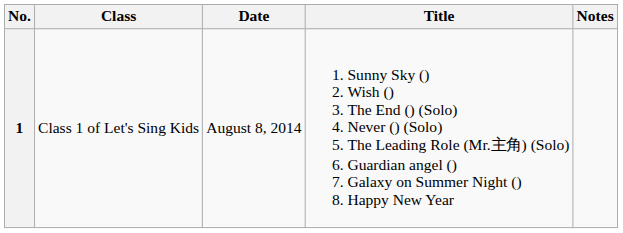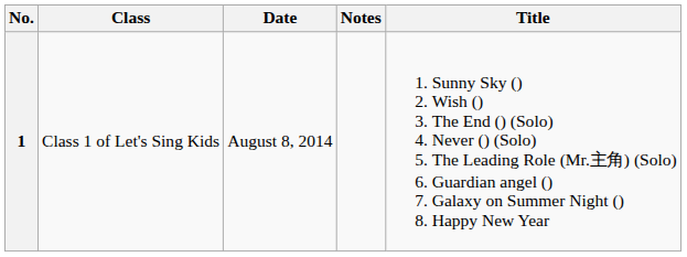 <table class=wikitable style=text-align:center>
 <tr>
 <th>No.</th>
 <th>Class</th>
 <th>Date</th>
+<th>Notes</th>
 <th>Title</th>
-<th>Notes</th>
 </tr>
 <tr>
 <th>1</th>
 <td>Class 1 of Let's Sing Kids</td>
 <td>August 8, 2014</td>
+<td></td>
 <td align=left><br><ol><li>Sunny Sky ()</li><li>Wish ()</li><li>The End () (Solo)</li><li>Never () (Solo)</li><li>The Leading Role (Mr.主角) (Solo)</li><li>Guardian angel ()</li><li>Galaxy on Summer Night ()</li><li>Happy New Year</li></ol></td>
-<td></td>
 </tr>
 </table>
